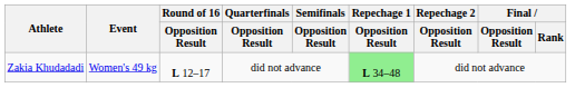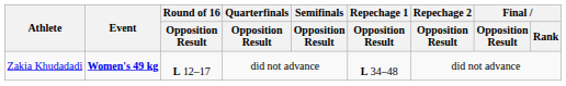 <table class= wikitable style="font-size:100%">
 <tr>
 <th rowspan="2">Athlete</th>
 <th rowspan="2">Event</th>
 <th>Round of 16</th>
 <th>Quarterfinals</th>
 <th>Semifinals</th>
 <th>Repechage 1</th>
 <th>Repechage 2</th>
 <th colspan=2>Final / </th>
 </tr>
 <tr>
 <th>Opposition<br>Result</th>
 <th>Opposition<br>Result</th>
 <th>Opposition<br>Result</th>
 <th>Opposition<br>Result</th>
 <th>Opposition<br>Result</th>
 <th>Opposition<br>Result</th>
 <th>Rank</th>
 </tr>
 <tr align=center>
 <td align=left><a href='#'>Zakia Khudadadi</a></td>
-<td align=left><a href='#'>Women's 49 kg</a></td>
+<td align=left><strong><a href='#'>Women's 49 kg</a></strong></td>
 <td><br><strong>L</strong> 12–17</td>
 <td colspan=2>did not advance</td>
-<td style="background: lightgreen;"><br><strong>L</strong> 34–48</td>
+<td><br><strong>L</strong> 34–48</td>
 <td colspan=3>did not advance</td>
 </tr>
 </table>
